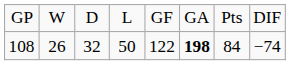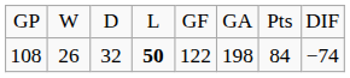 <table border="2" class="wikitable">
 <tr ---- align="center">
 <td width="25">GP</td>
 <td width="25">W</td>
 <td width="25">D</td>
 <td width="25">L</td>
 <td width="25">GF</td>
 <td width="25">GA</td>
 <td width="25">Pts</td>
 <td width="25">DIF</td>
 </tr>
 <tr ---- align="center">
 <td align="left">108</td>
 <td>26</td>
 <td>32</td>
-<td>50</td>
+<td><strong>50</strong></td>
 <td>122</td>
-<td><strong>198</strong></td>
+<td>198</td>
 <td>84</td>
 <td>−74</td>
 </tr>
 </table>
